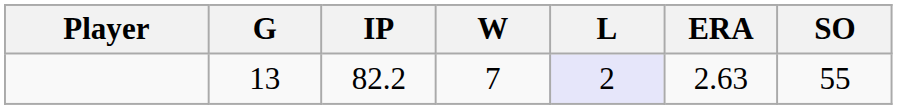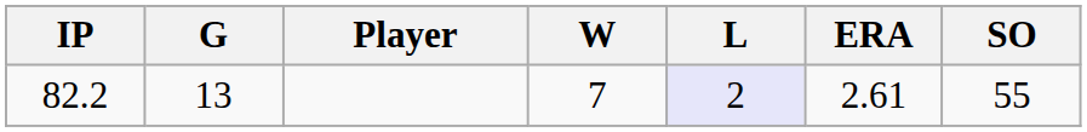 <table class="wikitable sortable">
 <tr>
+<th bgcolor="#DDDDFF" width="9%">IP</th>
+<th bgcolor="#DDDDFF" width="9%">G</th>
 <th bgcolor="#DDDDFF" width="16%">Player</th>
-<th bgcolor="#DDDDFF" width="9%">G</th>
-<th bgcolor="#DDDDFF" width="9%">IP</th>
 <th bgcolor="#DDDDFF" width="9%">W</th>
 <th bgcolor="#DDDDFF" width="9%">L</th>
 <th bgcolor="#DDDDFF" width="9%">ERA</th>
 <th bgcolor="#DDDDFF" width="9%">SO</th>
 </tr>
 <tr align="center">
+<td>82.2</td>
+<td>13</td>
 <td></td>
-<td>13</td>
-<td>82.2</td>
 <td>7</td>
 <td style="background: lavender;">2</td>
-<td>2.63</td>
+<td>2.61</td>
 <td>55</td>
 </tr>
 </table>
